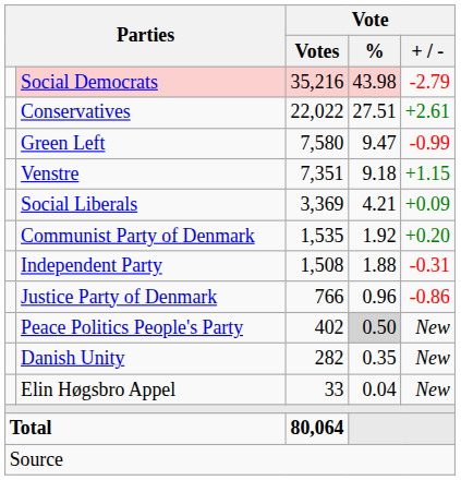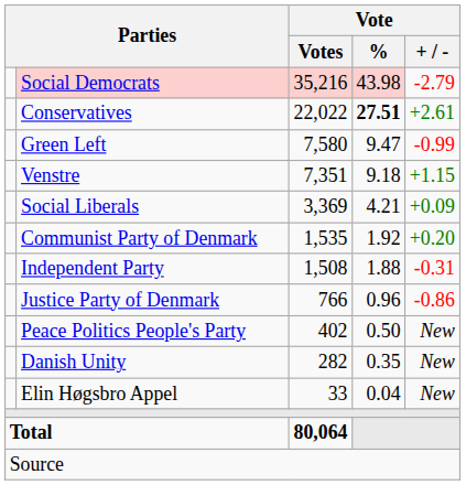 <table class="wikitable" style="text-align:right;">
 <tr>
 <th style="text-align:centre;" rowspan="2" colspan="2" width="225">Parties</th>
 <th colspan="3">Vote</th>
 </tr>
 <tr>
 <th width="15">Votes</th>
 <th width="15">%</th>
 <th width="15">+ / -</th>
 </tr>
 <tr>
 <td width="2" style="color:inherit;background:"></td>
 <td bgcolor=#fbd0ce  align="left"><a href='#'>Social Democrats</a></td>
 <td bgcolor=#fbd0ce>35,216</td>
 <td bgcolor=#fbd0ce>43.98</td>
 <td style=color:red;>-2.79</td>
 </tr>
 <tr>
 <td width="2" style="color:inherit;background:"></td>
 <td align="left"><a href='#'>Conservatives</a></td>
 <td>22,022</td>
-<td>27.51</td>
+<td><strong>27.51</strong></td>
 <td style=color:green;>+2.61</td>
 </tr>
 <tr>
 <td width="2" style="color:inherit;background:"></td>
 <td align="left"><a href='#'>Green Left</a></td>
 <td>7,580</td>
 <td>9.47</td>
 <td style=color:red;>-0.99</td>
 </tr>
 <tr>
 <td width="2" style="color:inherit;background:"></td>
 <td align="left"><a href='#'>Venstre</a></td>
 <td>7,351</td>
 <td>9.18</td>
 <td style=color:green;>+1.15</td>
 </tr>
 <tr>
 <td width="2" style="color:inherit;background:"></td>
 <td align="left"><a href='#'>Social Liberals</a></td>
 <td>3,369</td>
 <td>4.21</td>
 <td style=color:green;>+0.09</td>
 </tr>
 <tr>
 <td width="2" style="color:inherit;background:"></td>
 <td align="left"><a href='#'>Communist Party of Denmark</a></td>
 <td>1,535</td>
 <td>1.92</td>
 <td style=color:green;>+0.20</td>
 </tr>
 <tr>
 <td width="2" style="color:inherit;background:"></td>
 <td align="left"><a href='#'>Independent Party</a></td>
 <td>1,508</td>
 <td>1.88</td>
 <td style=color:red;>-0.31</td>
 </tr>
 <tr>
 <td width="2" style="color:inherit;background:"></td>
 <td align="left"><a href='#'>Justice Party of Denmark</a></td>
 <td>766</td>
 <td>0.96</td>
 <td style=color:red;>-0.86</td>
 </tr>
 <tr>
 <td width="2" style="color:inherit;background:"></td>
 <td align="left"><a href='#'>Peace Politics People's Party</a></td>
 <td>402</td>
-<td style="background: lightgrey;">0.50</td>
+<td>0.50</td>
 <td><em>New</em></td>
 </tr>
 <tr>
 <td width="2" style="color:inherit;background:"></td>
 <td align="left"><a href='#'>Danish Unity</a></td>
 <td>282</td>
 <td>0.35</td>
 <td><em>New</em></td>
 </tr>
 <tr>
 <td width="2" style="color:inherit;background:"></td>
 <td align="left">Elin Høgsbro Appel</td>
 <td>33</td>
 <td>0.04</td>
 <td><em>New</em></td>
 </tr>
 <tr>
 <td colspan="7" bgcolor="#E9E9E9"></td>
 </tr>
 <tr>
 <td align="left" colspan="2"><strong>Total</strong></td>
 <td><strong>80,064</strong></td>
 <td bgcolor="#E9E9E9" colspan="2"></td>
 </tr>
 <tr>
 <td align="left" colspan="6">Source</td>
 </tr>
 </table>
